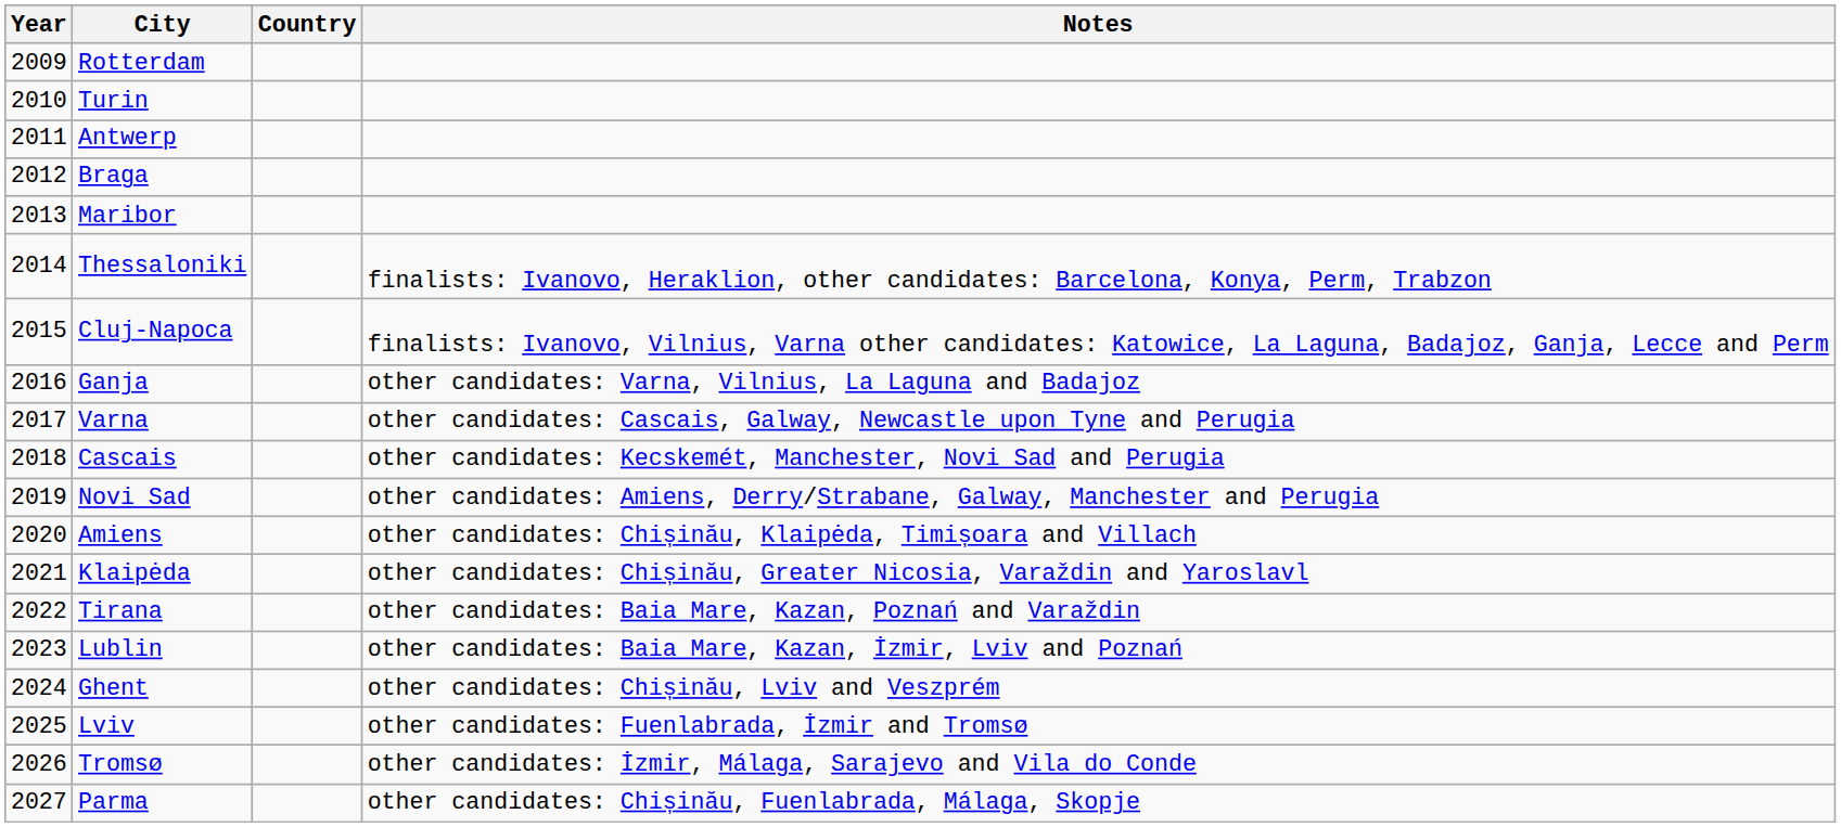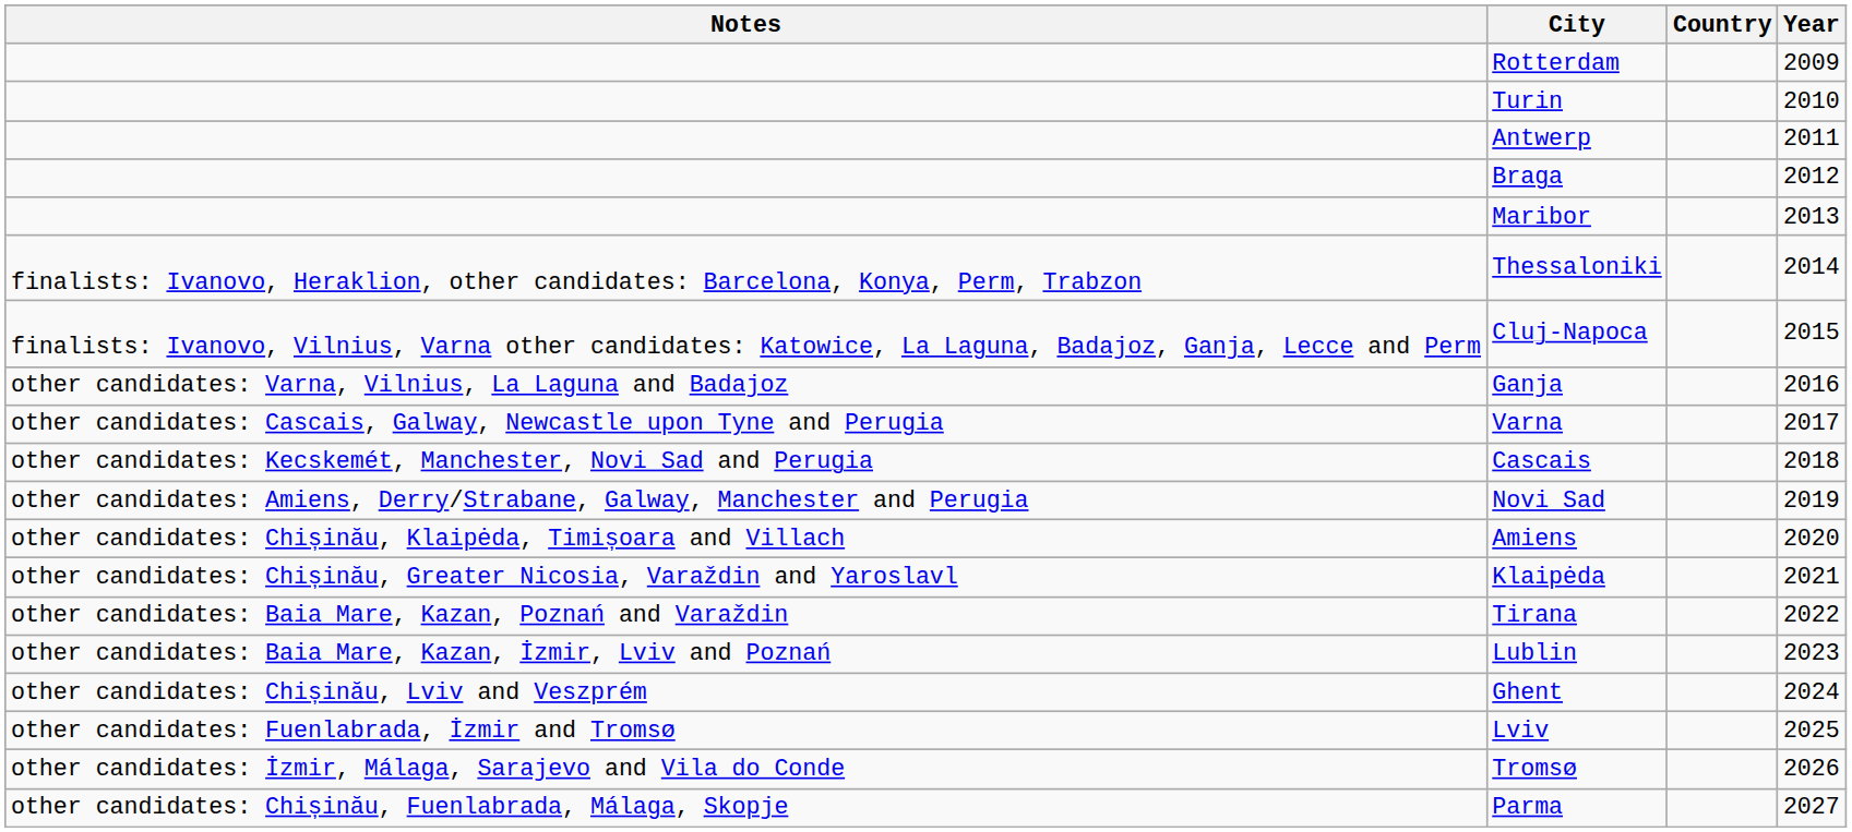 <table class="wikitable sortable">
 <tr>
-<th>Year</th>
+<th>Notes</th>
 <th>City</th>
 <th>Country</th>
-<th>Notes</th>
+<th>Year</th>
 </tr>
 <tr>
-<td>2009</td>
+<td></td>
 <td><a href='#'>Rotterdam</a></td>
 <td></td>
-<td></td>
+<td>2009</td>
 </tr>
 <tr>
-<td>2010</td>
+<td></td>
 <td><a href='#'>Turin</a></td>
 <td></td>
-<td></td>
+<td>2010</td>
 </tr>
 <tr>
-<td>2011</td>
+<td></td>
 <td><a href='#'>Antwerp</a></td>
 <td></td>
-<td></td>
+<td>2011</td>
 </tr>
 <tr>
-<td>2012</td>
+<td></td>
 <td><a href='#'>Braga</a></td>
 <td></td>
-<td></td>
+<td>2012</td>
 </tr>
 <tr>
-<td>2013</td>
+<td></td>
 <td><a href='#'>Maribor</a></td>
 <td></td>
-<td></td>
+<td>2013</td>
 </tr>
 <tr>
-<td>2014</td>
+<td><br>finalists:  <a href='#'>Ivanovo</a>,  <a href='#'>Heraklion</a>, other candidates:  <a href='#'>Barcelona</a>,  <a href='#'>Konya</a>,  <a href='#'>Perm</a>,  <a href='#'>Trabzon</a></td>
 <td><a href='#'>Thessaloniki</a></td>
 <td></td>
-<td><br>finalists:  <a href='#'>Ivanovo</a>,  <a href='#'>Heraklion</a>, other candidates:  <a href='#'>Barcelona</a>,  <a href='#'>Konya</a>,  <a href='#'>Perm</a>,  <a href='#'>Trabzon</a></td>
+<td>2014</td>
 </tr>
 <tr>
-<td>2015</td>
+<td><br>finalists:  <a href='#'>Ivanovo</a>,  <a href='#'>Vilnius</a>,  <a href='#'>Varna</a> other candidates:  <a href='#'>Katowice</a>,  <a href='#'>La Laguna</a>,  <a href='#'>Badajoz</a>,  <a href='#'>Ganja</a>,  <a href='#'>Lecce</a> and  <a href='#'>Perm</a></td>
 <td><a href='#'>Cluj-Napoca</a></td>
 <td></td>
-<td><br>finalists:  <a href='#'>Ivanovo</a>,  <a href='#'>Vilnius</a>,  <a href='#'>Varna</a> other candidates:  <a href='#'>Katowice</a>,  <a href='#'>La Laguna</a>,  <a href='#'>Badajoz</a>,  <a href='#'>Ganja</a>,  <a href='#'>Lecce</a> and  <a href='#'>Perm</a></td>
+<td>2015</td>
 </tr>
 <tr>
-<td>2016</td>
+<td>other candidates:   <a href='#'>Varna</a>,  <a href='#'>Vilnius</a>,  <a href='#'>La Laguna</a> and  <a href='#'>Badajoz</a></td>
 <td><a href='#'>Ganja</a></td>
 <td></td>
-<td>other candidates:   <a href='#'>Varna</a>,  <a href='#'>Vilnius</a>,  <a href='#'>La Laguna</a> and  <a href='#'>Badajoz</a></td>
+<td>2016</td>
 </tr>
 <tr>
-<td>2017</td>
+<td>other candidates:   <a href='#'>Cascais</a>,  <a href='#'>Galway</a>,  <a href='#'>Newcastle upon Tyne</a> and  <a href='#'>Perugia</a></td>
 <td><a href='#'>Varna</a></td>
 <td></td>
-<td>other candidates:   <a href='#'>Cascais</a>,  <a href='#'>Galway</a>,  <a href='#'>Newcastle upon Tyne</a> and  <a href='#'>Perugia</a></td>
+<td>2017</td>
 </tr>
 <tr>
-<td>2018</td>
+<td>other candidates:   <a href='#'>Kecskemét</a>,  <a href='#'>Manchester</a>,  <a href='#'>Novi Sad</a> and  <a href='#'>Perugia</a></td>
 <td><a href='#'>Cascais</a></td>
 <td></td>
-<td>other candidates:   <a href='#'>Kecskemét</a>,  <a href='#'>Manchester</a>,  <a href='#'>Novi Sad</a> and  <a href='#'>Perugia</a></td>
+<td>2018</td>
 </tr>
 <tr>
-<td>2019</td>
+<td>other candidates:  <a href='#'>Amiens</a>,  <a href='#'>Derry</a>/<a href='#'>Strabane</a>,  <a href='#'>Galway</a>,  <a href='#'>Manchester</a> and  <a href='#'>Perugia</a></td>
 <td><a href='#'>Novi Sad</a></td>
 <td></td>
-<td>other candidates:  <a href='#'>Amiens</a>,  <a href='#'>Derry</a>/<a href='#'>Strabane</a>,  <a href='#'>Galway</a>,  <a href='#'>Manchester</a> and  <a href='#'>Perugia</a></td>
+<td>2019</td>
 </tr>
 <tr>
-<td>2020</td>
+<td>other candidates:  <a href='#'>Chișinău</a>,  <a href='#'>Klaipėda</a>,  <a href='#'>Timișoara</a> and  <a href='#'>Villach</a></td>
 <td><a href='#'>Amiens</a></td>
 <td></td>
-<td>other candidates:  <a href='#'>Chișinău</a>,  <a href='#'>Klaipėda</a>,  <a href='#'>Timișoara</a> and  <a href='#'>Villach</a></td>
+<td>2020</td>
 </tr>
 <tr>
-<td>2021</td>
+<td>other candidates:  <a href='#'>Chișinău</a>,  <a href='#'>Greater Nicosia</a>,  <a href='#'>Varaždin</a> and  <a href='#'>Yaroslavl</a></td>
 <td><a href='#'>Klaipėda</a></td>
 <td></td>
-<td>other candidates:  <a href='#'>Chișinău</a>,  <a href='#'>Greater Nicosia</a>,  <a href='#'>Varaždin</a> and  <a href='#'>Yaroslavl</a></td>
+<td>2021</td>
 </tr>
 <tr>
-<td>2022</td>
+<td>other candidates:  <a href='#'>Baia Mare</a>,  <a href='#'>Kazan</a>,  <a href='#'>Poznań</a> and  <a href='#'>Varaždin</a></td>
 <td><a href='#'>Tirana</a></td>
 <td></td>
-<td>other candidates:  <a href='#'>Baia Mare</a>,  <a href='#'>Kazan</a>,  <a href='#'>Poznań</a> and  <a href='#'>Varaždin</a></td>
+<td>2022</td>
 </tr>
 <tr>
-<td>2023</td>
+<td>other candidates:  <a href='#'>Baia Mare</a>,  <a href='#'>Kazan</a>,  <a href='#'>İzmir</a>,  <a href='#'>Lviv</a> and  <a href='#'>Poznań</a></td>
 <td><a href='#'>Lublin</a></td>
 <td></td>
-<td>other candidates:  <a href='#'>Baia Mare</a>,  <a href='#'>Kazan</a>,  <a href='#'>İzmir</a>,  <a href='#'>Lviv</a> and  <a href='#'>Poznań</a></td>
+<td>2023</td>
 </tr>
 <tr>
-<td>2024</td>
+<td>other candidates:  <a href='#'>Chișinău</a>,  <a href='#'>Lviv</a> and  <a href='#'>Veszprém</a></td>
 <td><a href='#'>Ghent</a></td>
 <td></td>
-<td>other candidates:  <a href='#'>Chișinău</a>,  <a href='#'>Lviv</a> and  <a href='#'>Veszprém</a></td>
+<td>2024</td>
 </tr>
 <tr>
-<td>2025</td>
+<td>other candidates:  <a href='#'>Fuenlabrada</a>,  <a href='#'>İzmir</a> and  <a href='#'>Tromsø</a></td>
 <td><a href='#'>Lviv</a></td>
 <td></td>
-<td>other candidates:  <a href='#'>Fuenlabrada</a>,  <a href='#'>İzmir</a> and  <a href='#'>Tromsø</a></td>
+<td>2025</td>
 </tr>
 <tr>
-<td>2026</td>
+<td>other candidates:  <a href='#'>İzmir</a>,  <a href='#'>Málaga</a>,  <a href='#'>Sarajevo</a> and  <a href='#'>Vila do Conde</a></td>
 <td><a href='#'>Tromsø</a></td>
 <td></td>
-<td>other candidates:  <a href='#'>İzmir</a>,  <a href='#'>Málaga</a>,  <a href='#'>Sarajevo</a> and  <a href='#'>Vila do Conde</a></td>
+<td>2026</td>
 </tr>
 <tr>
-<td>2027</td>
+<td>other candidates:  <a href='#'>Chișinău</a>,  <a href='#'>Fuenlabrada</a>,  <a href='#'>Málaga</a>,  <a href='#'>Skopje</a></td>
 <td><a href='#'>Parma</a></td>
 <td></td>
-<td>other candidates:  <a href='#'>Chișinău</a>,  <a href='#'>Fuenlabrada</a>,  <a href='#'>Málaga</a>,  <a href='#'>Skopje</a></td>
+<td>2027</td>
 </tr>
 </table>
